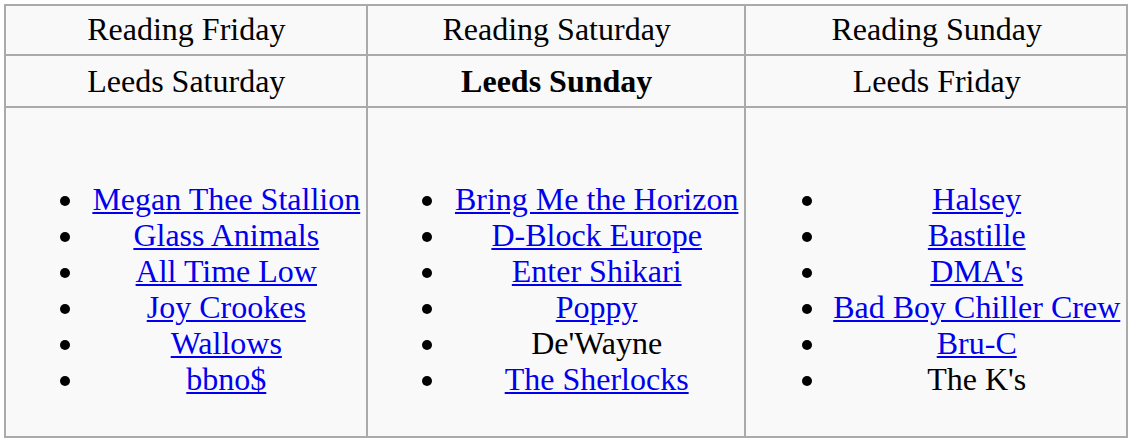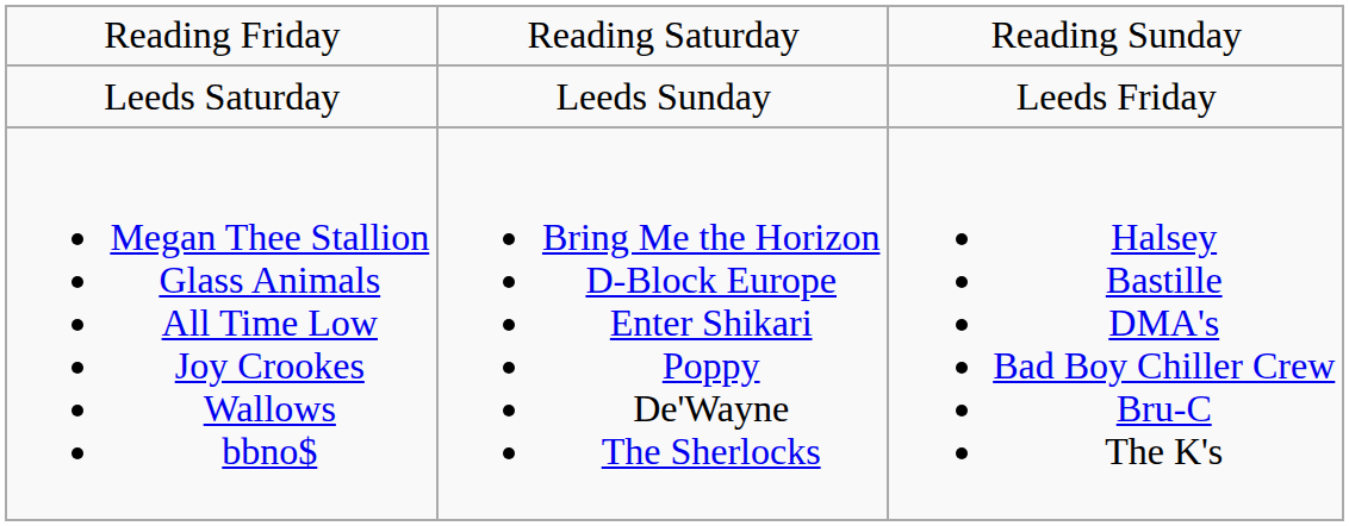 <table class="wikitable" style="text-align:center;">
 <tr>
 <td>Reading Friday</td>
 <td>Reading Saturday</td>
 <td>Reading Sunday</td>
 </tr>
 <tr>
 <td>Leeds Saturday</td>
-<td><strong>Leeds Sunday</strong></td>
+<td>Leeds Sunday</td>
 <td>Leeds Friday</td>
 </tr>
 <tr>
 <td valign="top"><br><ul><li><a href='#'>Megan Thee Stallion</a></li><li><a href='#'>Glass Animals</a></li><li><a href='#'>All Time Low</a></li><li><a href='#'>Joy Crookes</a></li><li><a href='#'>Wallows</a></li><li><a href='#'>bbno$</a></li></ul></td>
 <td valign="top"><br><ul><li><a href='#'>Bring Me the Horizon</a></li><li><a href='#'>D-Block Europe</a></li><li><a href='#'>Enter Shikari</a></li><li><a href='#'>Poppy</a></li><li>De'Wayne</li><li><a href='#'>The Sherlocks</a></li></ul></td>
 <td valign="top"><br><ul><li><a href='#'>Halsey</a></li><li><a href='#'>Bastille</a></li><li><a href='#'>DMA's</a></li><li><a href='#'>Bad Boy Chiller Crew</a></li><li><a href='#'>Bru-C</a></li><li>The K's</li></ul></td>
 </tr>
 </table>
